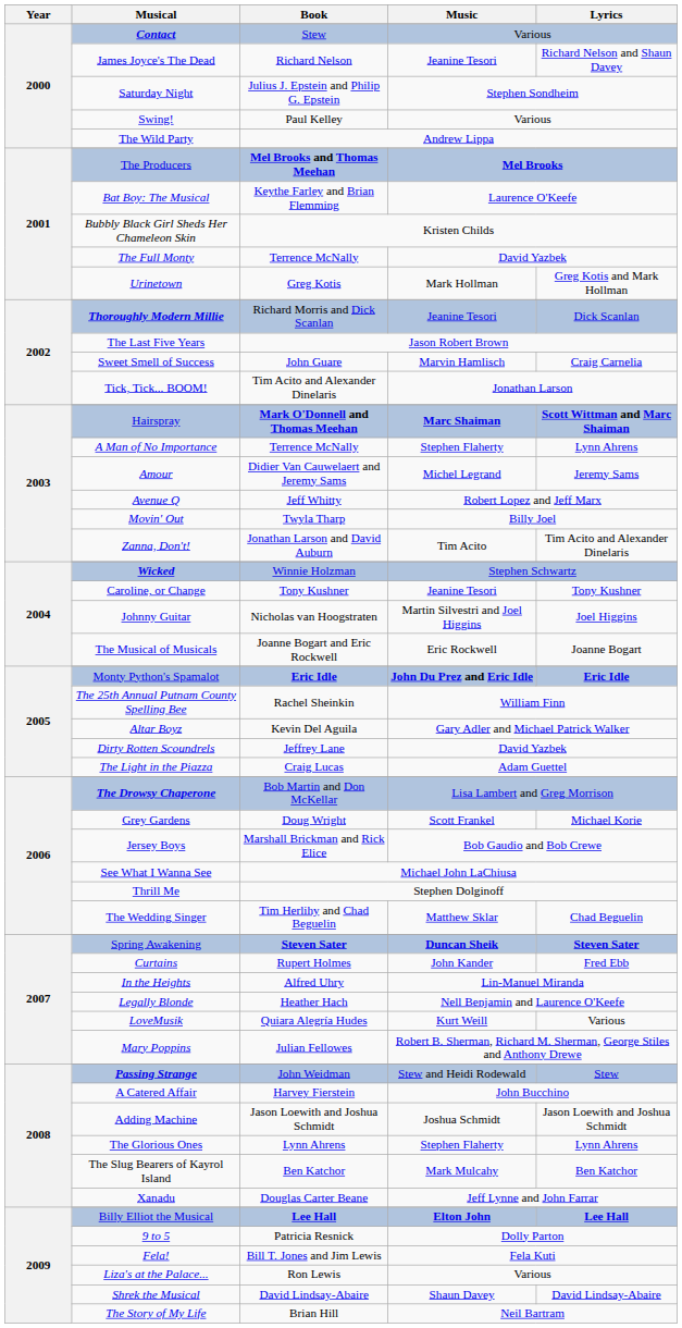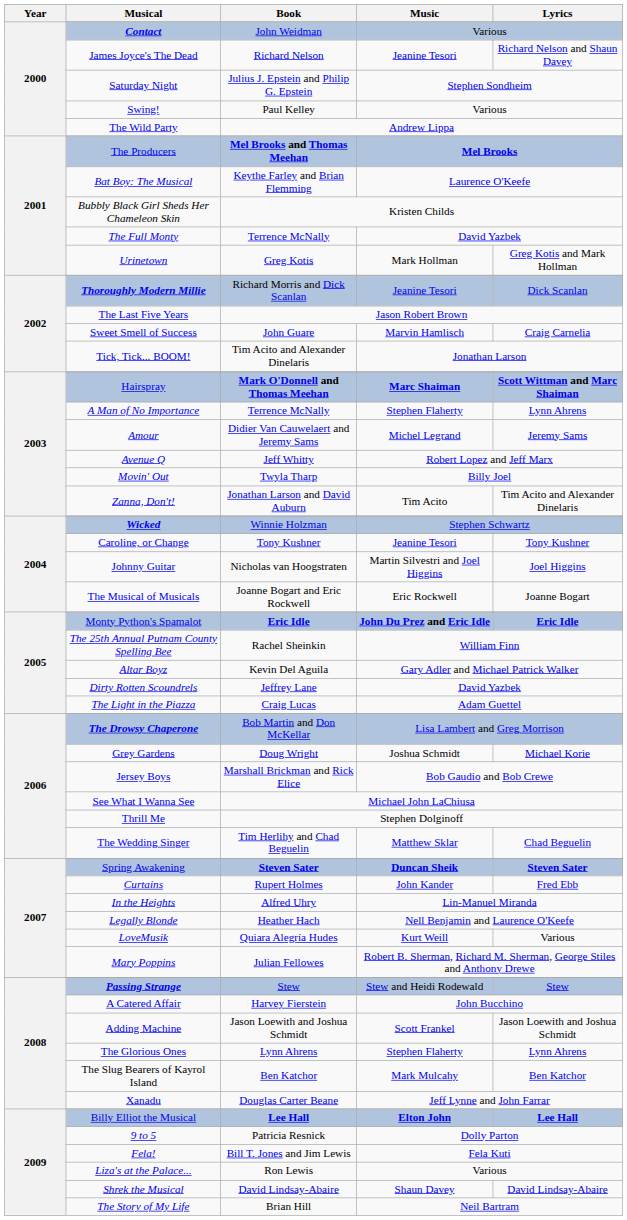 <table class="wikitable" style="width:100%; text-align:center;">
 <tr style="background:#bebebe;">
 <th style="width:10%;">Year</th>
 <th style="width:25%;">Musical</th>
 <th style="width:22%;">Book</th>
 <th style="width:22%;">Music</th>
 <th style="width:22%;">Lyrics</th>
 </tr>
 <tr>
 <th rowspan="6">2000</th>
 </tr>
 <tr style="background:#B0C4DE">
 <td><strong><em><a href='#'>Contact</a><em> <strong></td>
-<td></strong><a href='#'>Stew</a><strong></td>
+<td></strong><a href='#'>John Weidman</a><strong></td>
 <td colspan="2"></strong>Various<strong></td>
 </tr>
 <tr>
 <td></em><a href='#'>James Joyce's The Dead</a><em></td>
 <td><a href='#'>Richard Nelson</a></td>
 <td><a href='#'>Jeanine Tesori</a></td>
 <td><a href='#'>Richard Nelson</a> and <a href='#'>Shaun Davey</a></td>
 </tr>
 <tr>
 <td></em><a href='#'>Saturday Night</a><em></td>
 <td><a href='#'>Julius J. Epstein</a> and <a href='#'>Philip G. Epstein</a></td>
 <td colspan="2"><a href='#'>Stephen Sondheim</a></td>
 </tr>
 <tr>
 <td></em><a href='#'>Swing!</a><em></td>
 <td>Paul Kelley</td>
 <td colspan="2">Various</td>
 </tr>
 <tr>
 <td></em><a href='#'>The Wild Party</a><em></td>
 <td colspan="3"><a href='#'>Andrew Lippa</a></td>
 </tr>
 <tr>
 <th rowspan="6">2001</th>
 </tr>
 <tr style="background:#B0C4DE">
 <td></em></strong><a href='#'>The Producers</a></em> </strong></td>
 <td><strong><a href='#'>Mel Brooks</a> and <a href='#'>Thomas Meehan</a></strong></td>
 <td colspan="2"><strong><a href='#'>Mel Brooks</a></strong></td>
 </tr>
 <tr>
 <td><em><a href='#'>Bat Boy: The Musical</a></em></td>
 <td><a href='#'>Keythe Farley</a> and <a href='#'>Brian Flemming</a></td>
 <td colspan="2"><a href='#'>Laurence O'Keefe</a></td>
 </tr>
 <tr>
 <td><em>Bubbly Black Girl Sheds Her <br> Chameleon Skin</em></td>
 <td colspan="3">Kristen Childs</td>
 </tr>
 <tr>
 <td><em><a href='#'>The Full Monty</a></em></td>
 <td><a href='#'>Terrence McNally</a></td>
 <td colspan="2"><a href='#'>David Yazbek</a></td>
 </tr>
 <tr>
 <td><em><a href='#'>Urinetown</a></em></td>
 <td><a href='#'>Greg Kotis</a></td>
 <td>Mark Hollman</td>
 <td><a href='#'>Greg Kotis</a> and Mark Hollman</td>
 </tr>
 <tr>
 <th rowspan="5">2002</th>
 </tr>
 <tr style="background:#B0C4DE">
 <td><strong><em><a href='#'>Thoroughly Modern Millie</a><em> <strong></td>
 <td></strong>Richard Morris and <a href='#'>Dick Scanlan</a><strong></td>
 <td></strong><a href='#'>Jeanine Tesori</a><strong></td>
 <td></strong><a href='#'>Dick Scanlan</a><strong></td>
 </tr>
 <tr>
 <td></em><a href='#'>The Last Five Years</a><em></td>
 <td colspan="3"><a href='#'>Jason Robert Brown</a></td>
 </tr>
 <tr>
 <td></em><a href='#'>Sweet Smell of Success</a><em></td>
 <td><a href='#'>John Guare</a></td>
 <td><a href='#'>Marvin Hamlisch</a></td>
 <td><a href='#'>Craig Carnelia</a></td>
 </tr>
 <tr>
 <td></em><a href='#'>Tick, Tick... BOOM!</a><em></td>
 <td>Tim Acito and Alexander Dinelaris</td>
 <td colspan="2"><a href='#'>Jonathan Larson</a></td>
 </tr>
 <tr>
 <th rowspan="7">2003</th>
 </tr>
 <tr style="background:#B0C4DE">
 <td></em></strong><a href='#'>Hairspray</a></em> </strong></td>
 <td><strong><a href='#'>Mark O'Donnell</a> and <a href='#'>Thomas Meehan</a></strong></td>
 <td><strong><a href='#'>Marc Shaiman</a></strong></td>
 <td><strong><a href='#'>Scott Wittman</a> and <a href='#'>Marc Shaiman</a></strong></td>
 </tr>
 <tr>
 <td><em><a href='#'>A Man of No Importance</a></em></td>
 <td><a href='#'>Terrence McNally</a></td>
 <td><a href='#'>Stephen Flaherty</a></td>
 <td><a href='#'>Lynn Ahrens</a></td>
 </tr>
 <tr>
 <td><em><a href='#'>Amour</a></em></td>
 <td><a href='#'>Didier Van Cauwelaert</a> and <a href='#'>Jeremy Sams</a></td>
 <td><a href='#'>Michel Legrand</a></td>
 <td><a href='#'>Jeremy Sams</a></td>
 </tr>
 <tr>
 <td><em><a href='#'>Avenue Q</a></em></td>
 <td><a href='#'>Jeff Whitty</a></td>
 <td colspan="2"><a href='#'>Robert Lopez</a> and <a href='#'>Jeff Marx</a></td>
 </tr>
 <tr>
 <td><em><a href='#'>Movin' Out</a></em></td>
 <td><a href='#'>Twyla Tharp</a></td>
 <td colspan="2"><a href='#'>Billy Joel</a></td>
 </tr>
 <tr>
 <td><em><a href='#'>Zanna, Don't!</a></em></td>
 <td><a href='#'>Jonathan Larson</a> and <a href='#'>David Auburn</a></td>
 <td>Tim Acito</td>
 <td>Tim Acito and Alexander Dinelaris</td>
 </tr>
 <tr>
 <th rowspan="5">2004</th>
 </tr>
 <tr style="background:#B0C4DE">
 <td><strong><em><a href='#'>Wicked</a><em> <strong></td>
 <td></strong><a href='#'>Winnie Holzman</a><strong></td>
 <td colspan="2"></strong><a href='#'>Stephen Schwartz</a><strong></td>
 </tr>
 <tr>
 <td></em><a href='#'>Caroline, or Change</a><em></td>
 <td><a href='#'>Tony Kushner</a></td>
 <td><a href='#'>Jeanine Tesori</a></td>
 <td><a href='#'>Tony Kushner</a></td>
 </tr>
 <tr>
 <td></em><a href='#'>Johnny Guitar</a><em></td>
 <td>Nicholas van Hoogstraten</td>
 <td>Martin Silvestri and <a href='#'>Joel Higgins</a></td>
 <td><a href='#'>Joel Higgins</a></td>
 </tr>
 <tr>
 <td></em><a href='#'>The Musical of Musicals</a><em></td>
 <td>Joanne Bogart and Eric Rockwell</td>
 <td>Eric Rockwell</td>
 <td>Joanne Bogart</td>
 </tr>
 <tr>
 <th rowspan="6">2005</th>
 </tr>
 <tr style="background:#B0C4DE">
 <td></em></strong><a href='#'>Monty Python's Spamalot</a></em> </strong></td>
 <td><strong><a href='#'>Eric Idle</a></strong></td>
 <td><strong><a href='#'>John Du Prez</a> and <a href='#'>Eric Idle</a></strong></td>
 <td><strong><a href='#'>Eric Idle</a></strong></td>
 </tr>
 <tr>
 <td><em><a href='#'>The 25th Annual Putnam County <br> Spelling Bee</a></em></td>
 <td>Rachel Sheinkin</td>
 <td colspan="2"><a href='#'>William Finn</a></td>
 </tr>
 <tr>
 <td><em><a href='#'>Altar Boyz</a></em></td>
 <td>Kevin Del Aguila</td>
 <td colspan="2"><a href='#'>Gary Adler</a> and <a href='#'>Michael Patrick Walker</a></td>
 </tr>
 <tr>
 <td><em><a href='#'>Dirty Rotten Scoundrels</a></em></td>
 <td><a href='#'>Jeffrey Lane</a></td>
 <td colspan="2"><a href='#'>David Yazbek</a></td>
 </tr>
 <tr>
 <td><em><a href='#'>The Light in the Piazza</a></em></td>
 <td><a href='#'>Craig Lucas</a></td>
 <td colspan="2"><a href='#'>Adam Guettel</a></td>
 </tr>
 <tr>
 <th rowspan="7">2006</th>
 </tr>
 <tr style="background:#B0C4DE">
 <td><strong><em><a href='#'>The Drowsy Chaperone</a><em> <strong></td>
 <td></strong><a href='#'>Bob Martin</a> and <a href='#'>Don McKellar</a><strong></td>
 <td colspan="2"></strong><a href='#'>Lisa Lambert</a> and <a href='#'>Greg Morrison</a><strong></td>
 </tr>
 <tr>
 <td></em><a href='#'>Grey Gardens</a><em></td>
 <td><a href='#'>Doug Wright</a></td>
-<td><a href='#'>Scott Frankel</a></td>
+<td>Joshua Schmidt</td>
 <td><a href='#'>Michael Korie</a></td>
 </tr>
 <tr>
 <td></em><a href='#'>Jersey Boys</a><em></td>
 <td><a href='#'>Marshall Brickman</a> and <a href='#'>Rick Elice</a></td>
 <td colspan="2"><a href='#'>Bob Gaudio</a> and <a href='#'>Bob Crewe</a></td>
 </tr>
 <tr>
 <td></em><a href='#'>See What I Wanna See</a><em></td>
 <td colspan="3"><a href='#'>Michael John LaChiusa</a></td>
 </tr>
 <tr>
 <td></em><a href='#'>Thrill Me</a><em></td>
 <td colspan="3">Stephen Dolginoff</td>
 </tr>
 <tr>
 <td></em><a href='#'>The Wedding Singer</a><em></td>
 <td><a href='#'>Tim Herlihy</a> and <a href='#'>Chad Beguelin</a></td>
 <td><a href='#'>Matthew Sklar</a></td>
 <td><a href='#'>Chad Beguelin</a></td>
 </tr>
 <tr>
 <th rowspan="7">2007</th>
 </tr>
 <tr style="background:#B0C4DE">
 <td></em></strong><a href='#'>Spring Awakening</a></em> </strong></td>
 <td><strong><a href='#'>Steven Sater</a></strong></td>
 <td><strong><a href='#'>Duncan Sheik</a></strong></td>
 <td><strong><a href='#'>Steven Sater</a></strong></td>
 </tr>
 <tr>
 <td><em><a href='#'>Curtains</a></em></td>
 <td><a href='#'>Rupert Holmes</a></td>
 <td><a href='#'>John Kander</a></td>
 <td><a href='#'>Fred Ebb</a></td>
 </tr>
 <tr>
 <td><em><a href='#'>In the Heights</a></em></td>
 <td><a href='#'>Alfred Uhry</a></td>
 <td colspan="2"><a href='#'>Lin-Manuel Miranda</a></td>
 </tr>
 <tr>
 <td><em><a href='#'>Legally Blonde</a></em></td>
 <td><a href='#'>Heather Hach</a></td>
 <td colspan="2"><a href='#'>Nell Benjamin</a> and <a href='#'>Laurence O'Keefe</a></td>
 </tr>
 <tr>
 <td><em><a href='#'>LoveMusik</a></em></td>
 <td><a href='#'>Quiara Alegría Hudes</a></td>
 <td><a href='#'>Kurt Weill</a></td>
 <td>Various</td>
 </tr>
 <tr>
 <td><em><a href='#'>Mary Poppins</a></em></td>
 <td><a href='#'>Julian Fellowes</a></td>
 <td colspan="2"><a href='#'>Robert B. Sherman</a>, <a href='#'>Richard M. Sherman</a>, <a href='#'>George Stiles</a> <br> and <a href='#'>Anthony Drewe</a></td>
 </tr>
 <tr>
 <th rowspan="7">2008</th>
 </tr>
 <tr style="background:#B0C4DE">
 <td><strong><em><a href='#'>Passing Strange</a><em> <strong></td>
-<td></strong><a href='#'>John Weidman</a><strong></td>
+<td></strong><a href='#'>Stew</a><strong></td>
 <td></strong><a href='#'>Stew</a> and Heidi Rodewald<strong></td>
 <td></strong><a href='#'>Stew</a><strong></td>
 </tr>
 <tr>
 <td></em><a href='#'>A Catered Affair</a><em></td>
 <td><a href='#'>Harvey Fierstein</a></td>
 <td colspan="2"><a href='#'>John Bucchino</a></td>
 </tr>
 <tr>
 <td></em><a href='#'>Adding Machine</a><em></td>
 <td>Jason Loewith and Joshua Schmidt</td>
-<td>Joshua Schmidt</td>
+<td><a href='#'>Scott Frankel</a></td>
 <td>Jason Loewith and Joshua Schmidt</td>
 </tr>
 <tr>
 <td></em><a href='#'>The Glorious Ones</a><em></td>
 <td><a href='#'>Lynn Ahrens</a></td>
 <td><a href='#'>Stephen Flaherty</a></td>
 <td><a href='#'>Lynn Ahrens</a></td>
 </tr>
 <tr>
 <td></em>The Slug Bearers of Kayrol Island<em></td>
 <td><a href='#'>Ben Katchor</a></td>
 <td><a href='#'>Mark Mulcahy</a></td>
 <td><a href='#'>Ben Katchor</a></td>
 </tr>
 <tr>
 <td></em><a href='#'>Xanadu</a><em></td>
 <td><a href='#'>Douglas Carter Beane</a></td>
 <td colspan="2"><a href='#'>Jeff Lynne</a> and <a href='#'>John Farrar</a></td>
 </tr>
 <tr>
 <th rowspan="7">2009</th>
 </tr>
 <tr style="background:#B0C4DE">
 <td></em></strong><a href='#'>Billy Elliot the Musical</a></em> </strong></td>
 <td><strong><a href='#'>Lee Hall</a></strong></td>
 <td><strong><a href='#'>Elton John</a></strong></td>
 <td><strong><a href='#'>Lee Hall</a></strong></td>
 </tr>
 <tr>
 <td><em><a href='#'>9 to 5</a></em></td>
 <td>Patricia Resnick</td>
 <td colspan="2"><a href='#'>Dolly Parton</a></td>
 </tr>
 <tr>
 <td><em><a href='#'>Fela!</a></em></td>
 <td><a href='#'>Bill T. Jones</a> and Jim Lewis</td>
 <td colspan="2"><a href='#'>Fela Kuti</a></td>
 </tr>
 <tr>
 <td><em><a href='#'>Liza's at the Palace...</a></em></td>
 <td>Ron Lewis</td>
 <td colspan="2">Various</td>
 </tr>
 <tr>
 <td><em><a href='#'>Shrek the Musical</a></em></td>
 <td><a href='#'>David Lindsay-Abaire</a></td>
 <td><a href='#'>Shaun Davey</a></td>
 <td><a href='#'>David Lindsay-Abaire</a></td>
 </tr>
 <tr>
 <td><em><a href='#'>The Story of My Life</a></em></td>
 <td>Brian Hill</td>
 <td colspan="2"><a href='#'>Neil Bartram</a></td>
 </tr>
 </table>
